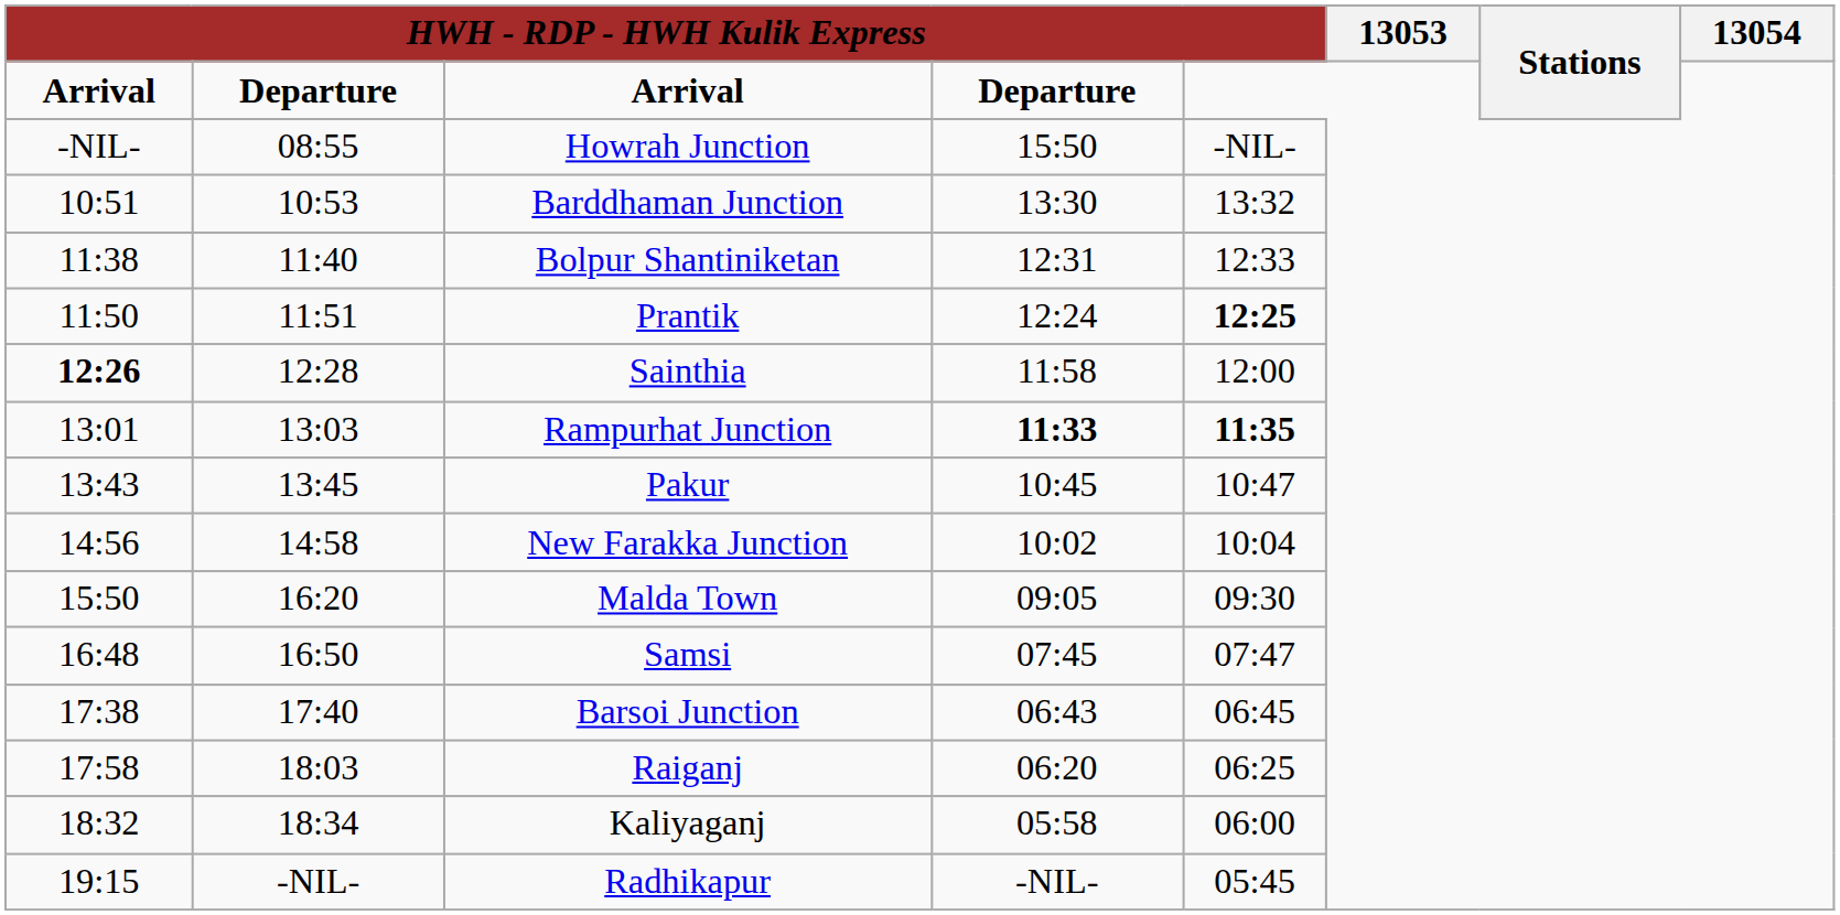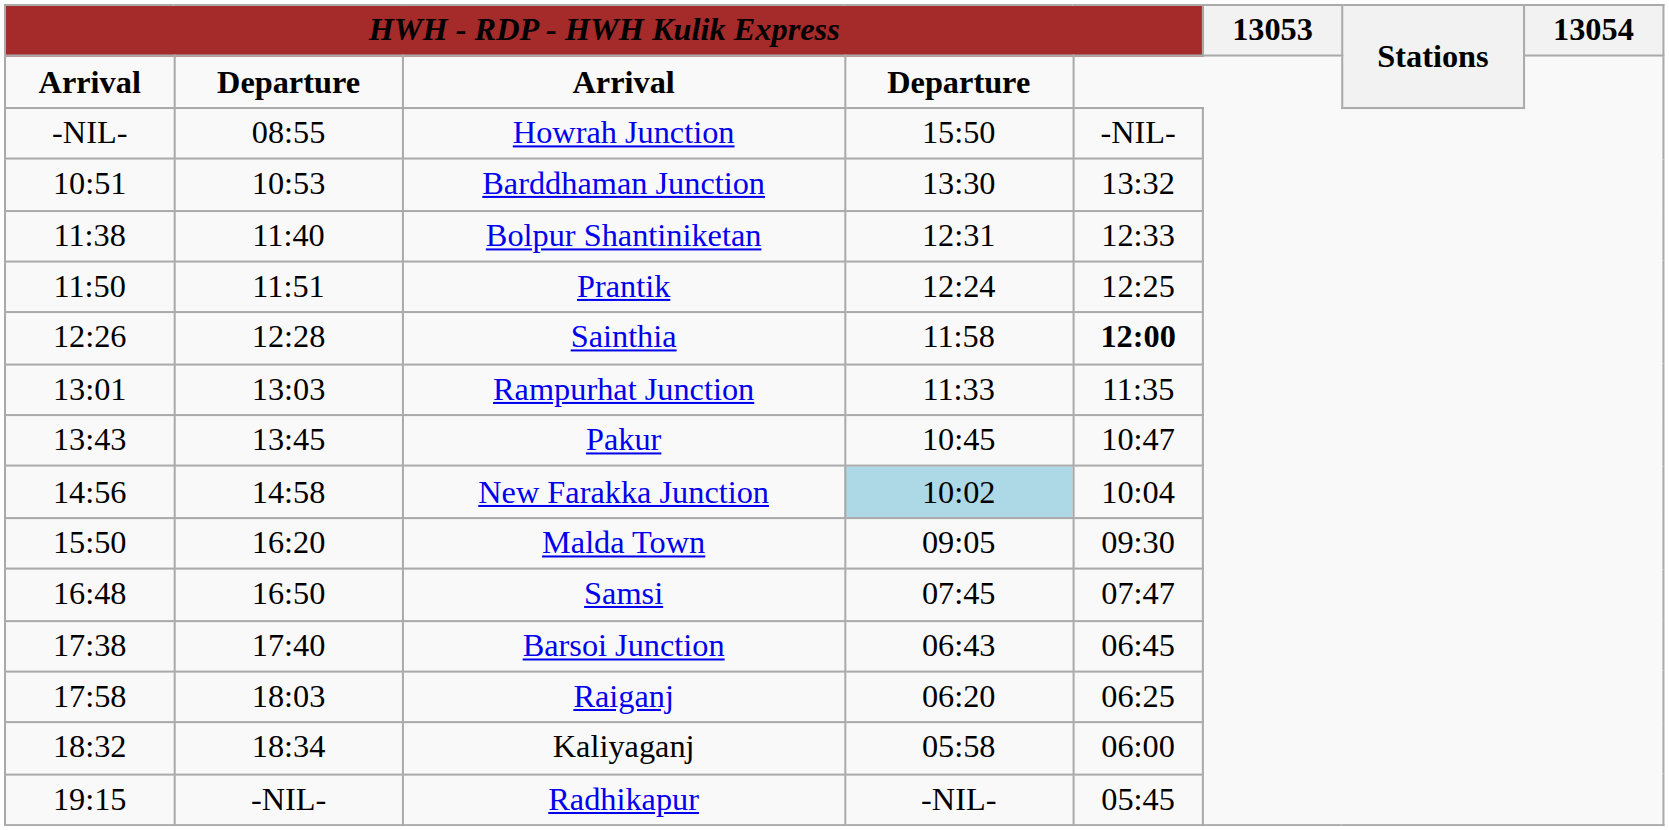 <table class="wikitable" width="65%" style="text-align: center;">
 <tr>
 <th colspan="5" align="center" style="background:brown;"><span><em>HWH - RDP - HWH Kulik Express</em></span></th>
 <th colspan="2">13053</th>
 <th rowspan="2">Stations</th>
 <th colspan="2">13054</th>
 </tr>
 <tr>
 <td><strong>Arrival</strong></td>
 <td><strong>Departure</strong></td>
 <td><strong>Arrival</strong></td>
 <td><strong>Departure</strong></td>
 </tr>
 <tr>
 <td>-NIL-</td>
 <td>08:55</td>
 <td><a href='#'>Howrah Junction</a></td>
 <td>15:50</td>
 <td>-NIL-</td>
 </tr>
 <tr>
 <td>10:51</td>
 <td>10:53</td>
 <td><a href='#'>Barddhaman Junction</a></td>
 <td>13:30</td>
 <td>13:32</td>
 </tr>
 <tr>
 <td>11:38</td>
 <td>11:40</td>
 <td><a href='#'>Bolpur Shantiniketan</a></td>
 <td>12:31</td>
 <td>12:33</td>
 </tr>
 <tr>
 <td>11:50</td>
 <td>11:51</td>
 <td><a href='#'>Prantik</a></td>
 <td>12:24</td>
-<td><strong>12:25</strong></td>
+<td>12:25</td>
 </tr>
 <tr>
-<td><strong>12:26</strong></td>
+<td>12:26</td>
 <td>12:28</td>
 <td><a href='#'>Sainthia</a></td>
 <td>11:58</td>
-<td>12:00</td>
+<td><strong>12:00</strong></td>
 </tr>
 <tr>
 <td>13:01</td>
 <td>13:03</td>
 <td><a href='#'>Rampurhat Junction</a></td>
-<td><strong>11:33</strong></td>
-<td><strong>11:35</strong></td>
+<td>11:33</td>
+<td>11:35</td>
 </tr>
 <tr>
 <td>13:43</td>
 <td>13:45</td>
 <td><a href='#'>Pakur</a></td>
 <td>10:45</td>
 <td>10:47</td>
 </tr>
 <tr>
 <td>14:56</td>
 <td>14:58</td>
 <td><a href='#'>New Farakka Junction</a></td>
-<td>10:02</td>
+<td style="background: lightblue;">10:02</td>
 <td>10:04</td>
 </tr>
 <tr>
 <td>15:50</td>
 <td>16:20</td>
 <td><a href='#'>Malda Town</a></td>
 <td>09:05</td>
 <td>09:30</td>
 </tr>
 <tr>
 <td>16:48</td>
 <td>16:50</td>
 <td><a href='#'>Samsi</a></td>
 <td>07:45</td>
 <td>07:47</td>
 </tr>
 <tr>
 <td>17:38</td>
 <td>17:40</td>
 <td><a href='#'>Barsoi Junction</a></td>
 <td>06:43</td>
 <td>06:45</td>
 </tr>
 <tr>
 <td>17:58</td>
 <td>18:03</td>
 <td><a href='#'>Raiganj</a></td>
 <td>06:20</td>
 <td>06:25</td>
 </tr>
 <tr>
 <td>18:32</td>
 <td>18:34</td>
 <td Kaliyaganj railway station>Kaliyaganj</td>
 <td>05:58</td>
 <td>06:00</td>
 </tr>
 <tr>
 <td>19:15</td>
 <td>-NIL-</td>
 <td><a href='#'>Radhikapur</a></td>
 <td>-NIL-</td>
 <td>05:45</td>
 </tr>
 </table>
